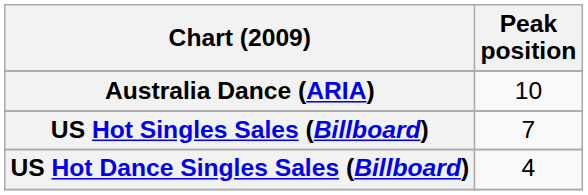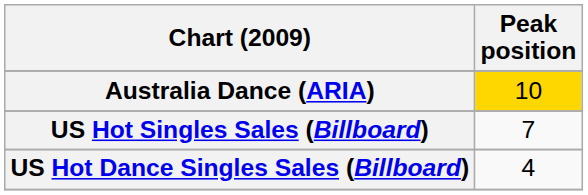 <table class="wikitable sortable plainrowheaders" style="text-align:center">
 <tr>
 <th scope="col">Chart (2009)</th>
 <th scope="col">Peak<br>position</th>
 </tr>
 <tr>
 </tr>
 <tr>
 <th scope="row">Australia Dance (<a href='#'>ARIA</a>)</th>
-<td>10</td>
+<td style="background: gold;">10</td>
 </tr>
 <tr>
 </tr>
 <tr>
 </tr>
 <tr>
 <th scope="row">US <a href='#'>Hot Singles Sales</a> (<em><a href='#'>Billboard</a></em>)</th>
 <td>7</td>
 </tr>
 <tr>
 </tr>
 <tr>
 <th scope="row">US <a href='#'>Hot Dance Singles Sales</a> (<em><a href='#'>Billboard</a></em>)</th>
 <td>4</td>
 </tr>
 <tr>
 </tr>
 </table>
